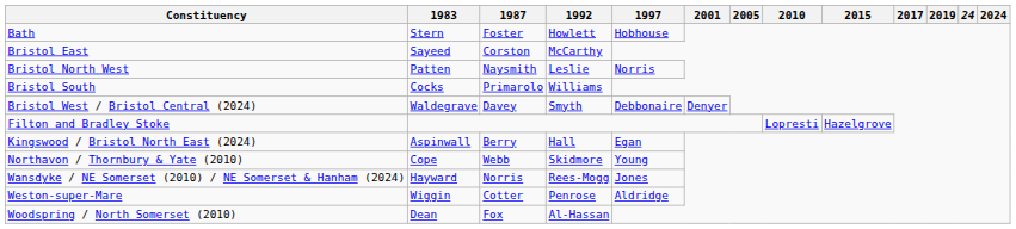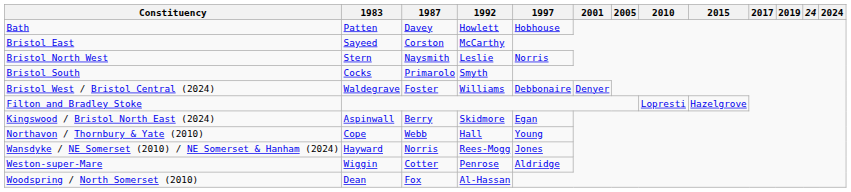 <table class="wikitable">
 <tr>
 <th>Constituency</th>
 <th>1983</th>
 <th>1987</th>
 <th>1992</th>
 <th>1997</th>
 <th>2001</th>
 <th>2005</th>
 <th>2010</th>
 <th>2015</th>
 <th>2017</th>
 <th>2019</th>
 <th><em>24</em></th>
 <th>2024</th>
 </tr>
 <tr>
 <td><a href='#'>Bath</a></td>
-<td><a href='#'>Stern</a></td>
-<td><a href='#'>Foster</a></td>
+<td><a href='#'>Patten</a></td>
+<td><a href='#'>Davey</a></td>
 <td><a href='#'>Howlett</a></td>
 <td><a href='#'>Hobhouse</a></td>
 </tr>
 <tr>
 <td><a href='#'>Bristol East</a></td>
 <td><a href='#'>Sayeed</a></td>
 <td><a href='#'>Corston</a></td>
 <td><a href='#'>McCarthy</a></td>
 </tr>
 <tr>
 <td><a href='#'>Bristol North West</a></td>
-<td><a href='#'>Patten</a></td>
+<td><a href='#'>Stern</a></td>
 <td><a href='#'>Naysmith</a></td>
 <td><a href='#'>Leslie</a></td>
 <td><a href='#'>Norris</a></td>
 </tr>
 <tr>
 <td><a href='#'>Bristol South</a></td>
 <td><a href='#'>Cocks</a></td>
 <td><a href='#'>Primarolo</a></td>
-<td><a href='#'>Williams</a></td>
+<td><a href='#'>Smyth</a></td>
 </tr>
 <tr>
 <td><a href='#'>Bristol West</a> / <a href='#'>Bristol Central</a> (2024)</td>
 <td><a href='#'>Waldegrave</a></td>
-<td><a href='#'>Davey</a></td>
-<td><a href='#'>Smyth</a></td>
+<td><a href='#'>Foster</a></td>
+<td><a href='#'>Williams</a></td>
 <td><a href='#'>Debbonaire</a></td>
 <td><a href='#'>Denyer</a></td>
 </tr>
 <tr>
 <td><a href='#'>Filton and Bradley Stoke</a></td>
 <td colspan="6"></td>
 <td><a href='#'>Lopresti</a></td>
 <td><a href='#'>Hazelgrove</a></td>
 </tr>
 <tr>
 <td><a href='#'>Kingswood</a> / <a href='#'>Bristol North East</a> (2024)</td>
 <td><a href='#'>Aspinwall</a></td>
 <td><a href='#'>Berry</a></td>
-<td><a href='#'>Hall</a></td>
+<td><a href='#'>Skidmore</a></td>
 <td><a href='#'>Egan</a></td>
 </tr>
 <tr>
 <td><a href='#'>Northavon</a> / <a href='#'>Thornbury & Yate</a> (2010)</td>
 <td><a href='#'>Cope</a></td>
 <td><a href='#'>Webb</a></td>
-<td><a href='#'>Skidmore</a></td>
+<td><a href='#'>Hall</a></td>
 <td><a href='#'>Young</a></td>
 </tr>
 <tr>
 <td><a href='#'>Wansdyke</a> / <a href='#'>NE Somerset</a> (2010) / <a href='#'>NE Somerset & Hanham</a> (2024)</td>
 <td><a href='#'>Hayward</a></td>
 <td><a href='#'>Norris</a></td>
 <td><a href='#'>Rees-Mogg</a></td>
 <td><a href='#'>Jones</a></td>
 </tr>
 <tr>
 <td><a href='#'>Weston-super-Mare</a></td>
 <td><a href='#'>Wiggin</a></td>
 <td><a href='#'>Cotter</a></td>
 <td><a href='#'>Penrose</a></td>
 <td><a href='#'>Aldridge</a></td>
 </tr>
 <tr>
 <td><a href='#'>Woodspring</a> / <a href='#'>North Somerset</a> (2010)</td>
 <td><a href='#'>Dean</a></td>
 <td><a href='#'>Fox</a></td>
 <td><a href='#'>Al-Hassan</a></td>
 </tr>
 </table>
